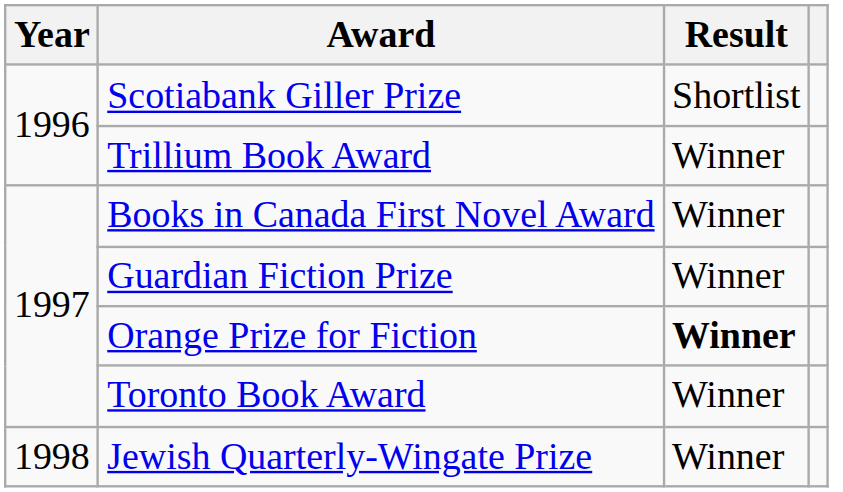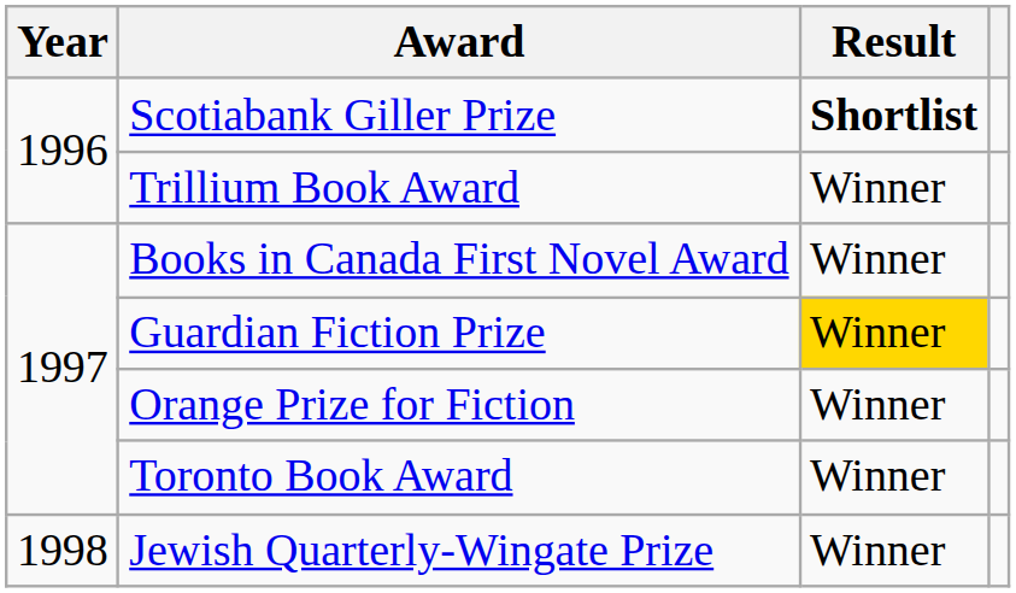 <table class="wikitable">
 <tr>
 <th>Year</th>
 <th>Award</th>
 <th>Result</th>
 <th></th>
 </tr>
 <tr>
 <td rowspan="2">1996</td>
 <td><a href='#'>Scotiabank Giller Prize</a></td>
-<td>Shortlist</td>
+<td><strong>Shortlist</strong></td>
 <td></td>
 </tr>
 <tr>
 <td><a href='#'>Trillium Book Award</a></td>
 <td>Winner</td>
 <td></td>
 </tr>
 <tr>
 <td rowspan="4">1997</td>
 <td><a href='#'>Books in Canada First Novel Award</a></td>
 <td>Winner</td>
 <td></td>
 </tr>
 <tr>
 <td><a href='#'>Guardian Fiction Prize</a></td>
-<td>Winner</td>
+<td style="background: gold;">Winner</td>
 <td></td>
 </tr>
 <tr>
 <td><a href='#'>Orange Prize for Fiction</a></td>
-<td><strong>Winner</strong></td>
+<td>Winner</td>
 <td></td>
 </tr>
 <tr>
 <td><a href='#'>Toronto Book Award</a></td>
 <td>Winner</td>
 <td></td>
 </tr>
 <tr>
 <td>1998</td>
 <td><a href='#'>Jewish Quarterly-Wingate Prize</a></td>
 <td>Winner</td>
 <td></td>
 </tr>
 </table>
